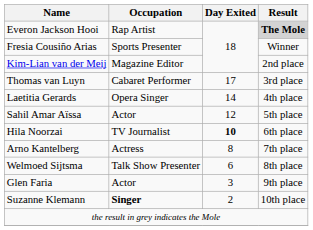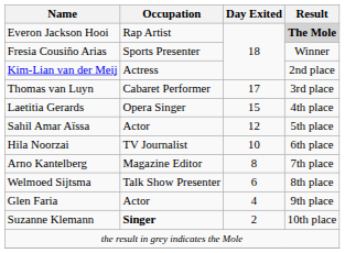 <table class="wikitable sortable" style="text-align:center;">
 <tr>
 <th>Name</th>
 <th>Occupation</th>
 <th>Day Exited</th>
 <th>Result</th>
 </tr>
 <tr>
 <td style="text-align:left">Everon Jackson Hooi</td>
 <td style="text-align:left">Rap Artist</td>
 <td rowspan="3" style="text-align:center">18</td>
 <td style=background:lightgray;><strong>The Mole</strong></td>
 </tr>
 <tr>
 <td style="text-align:left">Fresia Cousiño Arias</td>
 <td style="text-align:left">Sports Presenter</td>
 <td>Winner</td>
 </tr>
 <tr>
 <td style="text-align:left"><a href='#'>Kim-Lian van der Meij</a></td>
-<td style="text-align:left">Magazine Editor</td>
+<td style="text-align:left">Actress</td>
 <td>2nd place</td>
 </tr>
 <tr>
 <td style="text-align:left">Thomas van Luyn</td>
 <td style="text-align:left">Cabaret Performer</td>
 <td>17</td>
 <td>3rd place</td>
 </tr>
 <tr>
 <td style="text-align:left">Laetitia Gerards</td>
 <td style="text-align:left">Opera Singer</td>
-<td>14</td>
+<td>15</td>
 <td>4th place</td>
 </tr>
 <tr>
 <td style="text-align:left">Sahil Amar Aïssa</td>
 <td style="text-align:left">Actor</td>
 <td>12</td>
 <td>5th place</td>
 </tr>
 <tr>
 <td style="text-align:left">Hila Noorzai</td>
 <td style="text-align:left">TV Journalist</td>
-<td><strong>10</strong></td>
+<td>10</td>
 <td>6th place</td>
 </tr>
 <tr>
 <td style="text-align:left">Arno Kantelberg</td>
-<td style="text-align:left">Actress</td>
+<td style="text-align:left">Magazine Editor</td>
 <td>8</td>
 <td>7th place</td>
 </tr>
 <tr>
 <td style="text-align:left">Welmoed Sijtsma</td>
 <td style="text-align:left">Talk Show Presenter</td>
 <td>6</td>
 <td>8th place</td>
 </tr>
 <tr>
 <td style="text-align:left">Glen Faria</td>
 <td style="text-align:left">Actor</td>
-<td>3</td>
+<td>4</td>
 <td>9th place</td>
 </tr>
 <tr>
 <td style="text-align:left">Suzanne Klemann</td>
 <td style="text-align:left"><strong>Singer</strong></td>
 <td>2</td>
 <td>10th place</td>
 </tr>
 <tr>
 <td colspan="4" ; style="text-align:center"><small><em>the result in grey indicates the Mole</em></small></td>
 </tr>
 <tr>
 </tr>
 </table>
